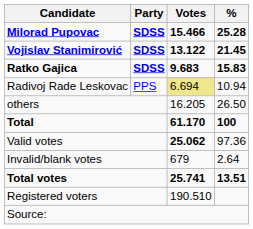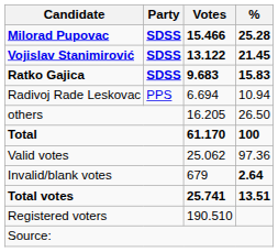 <table class="wikitable" style="text-align: left;">
 <tr>
 <th><strong>Candidate</strong></th>
 <th><strong>Party</strong></th>
 <th><strong>Votes</strong></th>
 <th><strong> %</strong></th>
 </tr>
 <tr>
 <td><strong><a href='#'>Milorad Pupovac</a></strong></td>
 <td><a href='#'><strong>SDSS</strong></a></td>
 <td><strong>15.466</strong></td>
 <td><strong>25.28</strong></td>
 </tr>
 <tr>
 <td><a href='#'><strong>Vojislav Stanimirović</strong></a></td>
 <td><a href='#'><strong>SDSS</strong></a></td>
 <td><strong>13.122</strong></td>
 <td><strong>21.45</strong></td>
 </tr>
 <tr>
 <td><strong>Ratko Gajica</strong></td>
 <td><a href='#'><strong>SDSS</strong></a></td>
 <td><strong>9.683</strong></td>
 <td><strong>15.83</strong></td>
 </tr>
 <tr>
 <td>Radivoj Rade Leskovac</td>
 <td><a href='#'>PPS</a></td>
-<td style="background: khaki;">6.694</td>
+<td>6.694</td>
 <td>10.94</td>
 </tr>
 <tr>
 <td colspan="2">others</td>
 <td>16.205</td>
 <td>26.50</td>
 </tr>
 <tr>
 <td colspan="2"><strong>Total</strong></td>
 <td><strong>61.170</strong></td>
 <td><strong>100</strong></td>
 </tr>
 <tr>
 <td colspan="2">Valid votes</td>
-<td><strong>25.062</strong></td>
+<td>25.062</td>
 <td>97.36</td>
 </tr>
 <tr>
 <td colspan="2">Invalid/blank votes</td>
 <td>679</td>
-<td>2.64</td>
+<td><strong>2.64</strong></td>
 </tr>
 <tr>
 <td colspan="2"><strong>Total votes</strong></td>
 <td><strong>25.741</strong></td>
 <td><strong>13.51</strong></td>
 </tr>
 <tr>
 <td colspan="2">Registered voters</td>
 <td>190.510</td>
 <td></td>
 </tr>
 <tr>
 <td colspan="4">Source: </td>
 </tr>
 </table>
